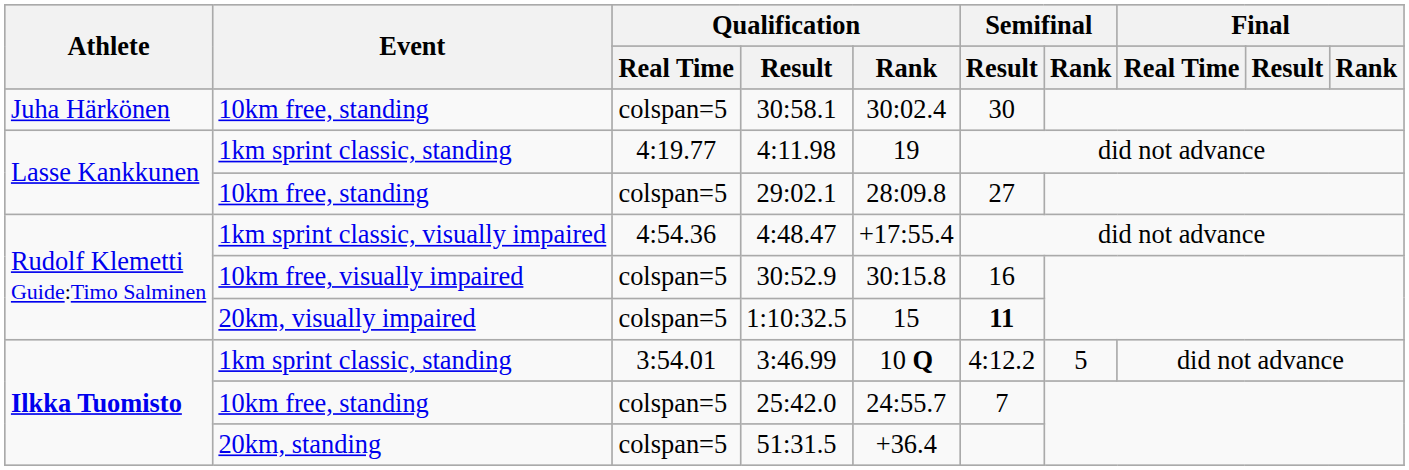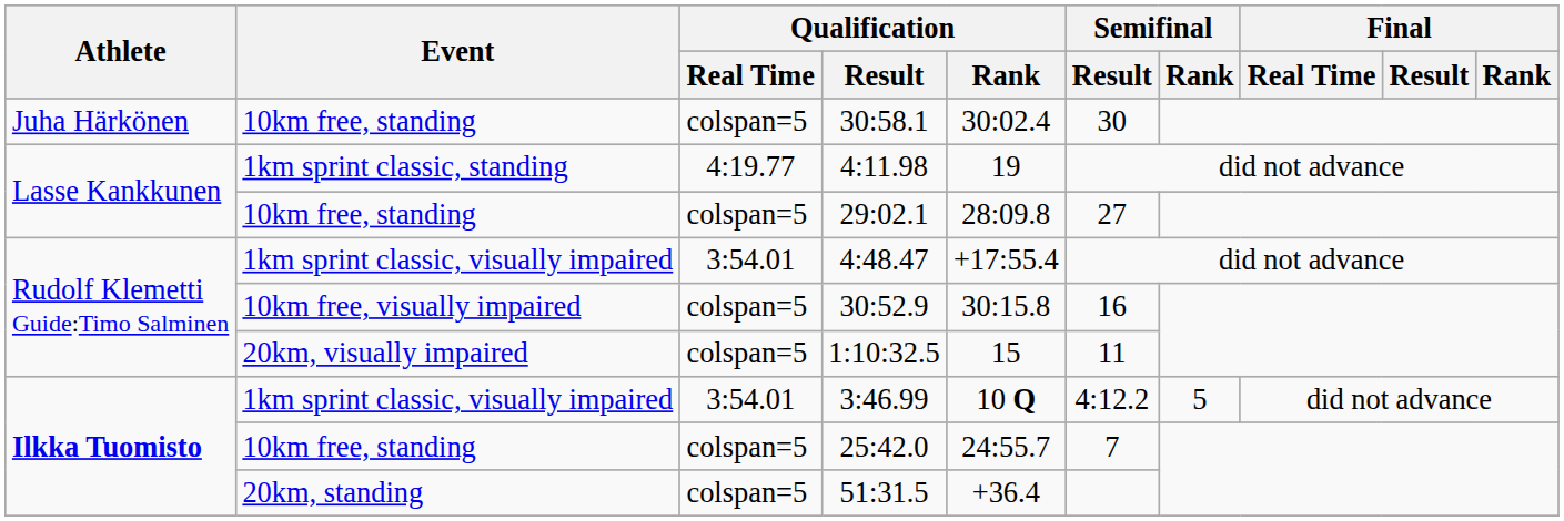 <table class="wikitable" style="font-size:100%">
 <tr>
 <th rowspan="2">Athlete</th>
 <th rowspan="2">Event</th>
 <th colspan="3">Qualification</th>
 <th colspan="2">Semifinal</th>
 <th colspan="3">Final</th>
 </tr>
 <tr>
 <th>Real Time</th>
 <th>Result</th>
 <th>Rank</th>
 <th>Result</th>
 <th>Rank</th>
 <th>Real Time</th>
 <th>Result</th>
 <th>Rank</th>
 </tr>
 <tr>
 <td><a href='#'>Juha Härkönen</a></td>
 <td><a href='#'>10km free, standing</a></td>
 <td>colspan=5 </td>
 <td align="center">30:58.1</td>
 <td align="center">30:02.4</td>
 <td align="center">30</td>
 </tr>
 <tr>
 <td rowspan=2><a href='#'>Lasse Kankkunen</a></td>
 <td><a href='#'>1km sprint classic, standing</a></td>
 <td align="center">4:19.77</td>
 <td align="center">4:11.98</td>
 <td align="center">19</td>
 <td align="center" colspan=5>did not advance</td>
 </tr>
 <tr>
 <td><a href='#'>10km free, standing</a></td>
 <td>colspan=5 </td>
 <td align="center">29:02.1</td>
 <td align="center">28:09.8</td>
 <td align="center">27</td>
 </tr>
 <tr>
 <td rowspan=3><a href='#'>Rudolf Klemetti</a><br><small><a href='#'>Guide</a>:<a href='#'>Timo Salminen</a> </small></td>
 <td><a href='#'>1km sprint classic, visually impaired</a></td>
-<td align="center">4:54.36</td>
+<td align="center">3:54.01</td>
 <td align="center">4:48.47</td>
 <td align="center">+17:55.4</td>
 <td align="center" colspan=5>did not advance</td>
 </tr>
 <tr>
 <td><a href='#'>10km free, visually impaired</a></td>
 <td>colspan=5 </td>
 <td align="center">30:52.9</td>
 <td align="center">30:15.8</td>
 <td align="center">16</td>
 </tr>
 <tr>
 <td><a href='#'>20km, visually impaired</a></td>
 <td>colspan=5 </td>
 <td align="center">1:10:32.5</td>
 <td align="center">15</td>
-<td align="center"><strong>11</strong></td>
+<td align="center">11</td>
 </tr>
 <tr>
 <td rowspan=3><strong><a href='#'>Ilkka Tuomisto</a></strong></td>
-<td><a href='#'>1km sprint classic, standing</a></td>
+<td><a href='#'>1km sprint classic, visually impaired</a></td>
 <td align="center">3:54.01</td>
 <td align="center">3:46.99</td>
 <td align="center">10 <strong>Q</strong></td>
 <td align="center">4:12.2</td>
 <td align="center">5</td>
 <td align="center" colspan=3>did not advance</td>
 </tr>
 <tr>
 <td><a href='#'>10km free, standing</a></td>
 <td>colspan=5 </td>
 <td align="center">25:42.0</td>
 <td align="center">24:55.7</td>
 <td align="center">7</td>
 </tr>
 <tr>
 <td><a href='#'>20km, standing</a></td>
 <td>colspan=5 </td>
 <td align="center">51:31.5</td>
 <td align="center">+36.4</td>
 <td align="center"></td>
 </tr>
 </table>
